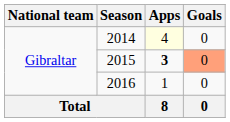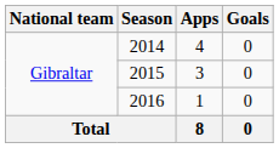 <table class="wikitable" style="text-align: center">
 <tr>
 <th>National team</th>
 <th>Season</th>
 <th>Apps</th>
 <th>Goals</th>
 </tr>
 <tr>
 <td rowspan="3"><a href='#'>Gibraltar</a></td>
 <td>2014</td>
-<td style="background: lightyellow;">4</td>
+<td>4</td>
 <td>0</td>
 </tr>
 <tr>
 <td>2015</td>
-<td><strong>3</strong></td>
-<td style="background: lightsalmon;">0</td>
+<td>3</td>
+<td>0</td>
 </tr>
 <tr>
 <td>2016</td>
 <td>1</td>
 <td>0</td>
 </tr>
 <tr>
 <th colspan="2">Total</th>
 <th>8</th>
 <th>0</th>
 </tr>
 </table>
